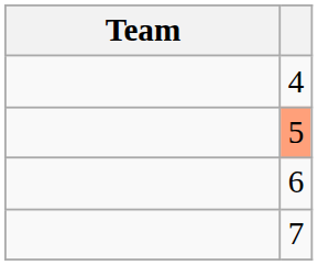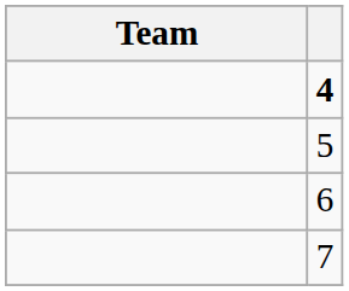 <table class="wikitable">
 <tr>
 <th style="width:130px">Team</th>
 <th></th>
 </tr>
 <tr>
 <td></td>
-<td align=center>4</td>
+<td align=center><strong>4</strong></td>
 </tr>
 <tr>
 <td></td>
-<td align=center style="background: lightsalmon;">5</td>
+<td align=center>5</td>
 </tr>
 <tr>
 <td></td>
 <td align=center>6</td>
 </tr>
 <tr>
 <td></td>
 <td align=center>7</td>
 </tr>
 </table>
